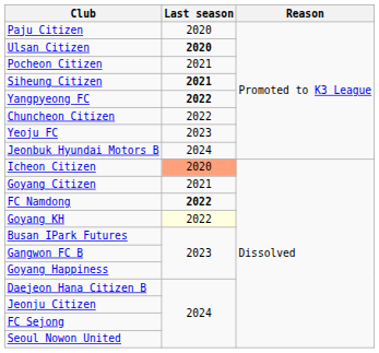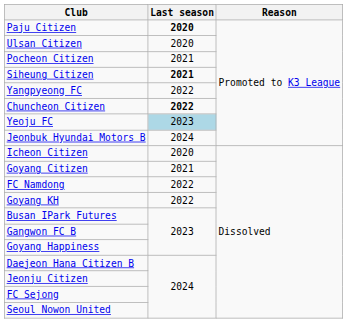 <table class="wikitable">
 <tr>
 <th>Club</th>
 <th>Last season</th>
 <th>Reason</th>
 </tr>
 <tr>
 <td><a href='#'>Paju Citizen</a></td>
-<td align="center">2020</td>
+<td align="center"><strong>2020</strong></td>
 <td rowspan="8">Promoted to <a href='#'>K3 League</a></td>
 </tr>
 <tr>
 <td><a href='#'>Ulsan Citizen</a></td>
-<td align="center"><strong>2020</strong></td>
+<td align="center">2020</td>
 </tr>
 <tr>
 <td><a href='#'>Pocheon Citizen</a></td>
 <td align="center">2021</td>
 </tr>
 <tr>
 <td><a href='#'>Siheung Citizen</a></td>
 <td align="center"><strong>2021</strong></td>
 </tr>
 <tr>
 <td><a href='#'>Yangpyeong FC</a></td>
+<td align="center">2022</td>
+</tr>
+<tr>
+<td><a href='#'>Chuncheon Citizen</a></td>
 <td align="center"><strong>2022</strong></td>
 </tr>
 <tr>
-<td><a href='#'>Chuncheon Citizen</a></td>
-<td align="center">2022</td>
-</tr>
-<tr>
 <td><a href='#'>Yeoju FC</a></td>
-<td align="center">2023</td>
+<td align="center" style="background: lightblue;">2023</td>
 </tr>
 <tr>
 <td><a href='#'>Jeonbuk Hyundai Motors B</a></td>
 <td align="center">2024</td>
 </tr>
 <tr>
 <td align="left"><a href='#'>Icheon Citizen</a></td>
-<td align="center" style="background: lightsalmon;">2020</td>
+<td align="center">2020</td>
 <td rowspan="11">Dissolved</td>
 </tr>
 <tr>
 <td align="left"><a href='#'>Goyang Citizen</a></td>
 <td align="center">2021</td>
 </tr>
 <tr>
 <td align="left"><a href='#'>FC Namdong</a></td>
-<td align="center"><strong>2022</strong></td>
+<td align="center">2022</td>
 </tr>
 <tr>
 <td><a href='#'>Goyang KH</a></td>
-<td align="center" style="background: lightyellow;">2022</td>
+<td align="center">2022</td>
 </tr>
 <tr>
 <td><a href='#'>Busan IPark Futures</a></td>
 <td rowspan="3" align="center">2023</td>
 </tr>
 <tr>
 <td><a href='#'>Gangwon FC B</a></td>
 </tr>
 <tr>
 <td><a href='#'>Goyang Happiness</a></td>
 </tr>
 <tr>
 <td><a href='#'>Daejeon Hana Citizen B</a></td>
 <td rowspan="4" align="center">2024</td>
 </tr>
 <tr>
 <td><a href='#'>Jeonju Citizen</a></td>
 </tr>
 <tr>
 <td><a href='#'>FC Sejong</a></td>
 </tr>
 <tr>
 <td><a href='#'>Seoul Nowon United</a></td>
 </tr>
 </table>
